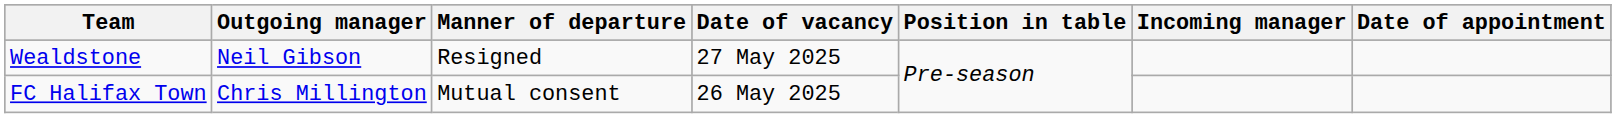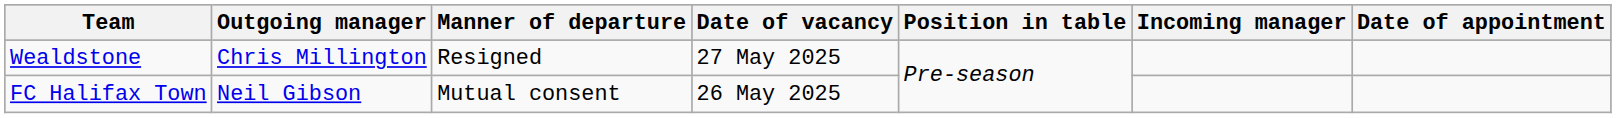 <table class="wikitable sortable" style="clear: both;">
 <tr>
 <th>Team</th>
 <th width-150>Outgoing manager</th>
 <th>Manner of departure</th>
 <th>Date of vacancy</th>
 <th>Position in table</th>
 <th>Incoming manager</th>
 <th>Date of appointment</th>
 </tr>
 <tr>
 <td><a href='#'>Wealdstone</a></td>
-<td> <a href='#'>Neil Gibson</a></td>
+<td> <a href='#'>Chris Millington</a></td>
 <td>Resigned</td>
 <td>27 May 2025</td>
 <td rowspan="2"><em>Pre-season</em></td>
 <td></td>
 <td></td>
 </tr>
 <tr>
 <td><a href='#'>FC Halifax Town</a></td>
-<td> <a href='#'>Chris Millington</a></td>
+<td> <a href='#'>Neil Gibson</a></td>
 <td>Mutual consent</td>
 <td>26 May 2025</td>
 <td></td>
 <td></td>
 </tr>
 </table>
